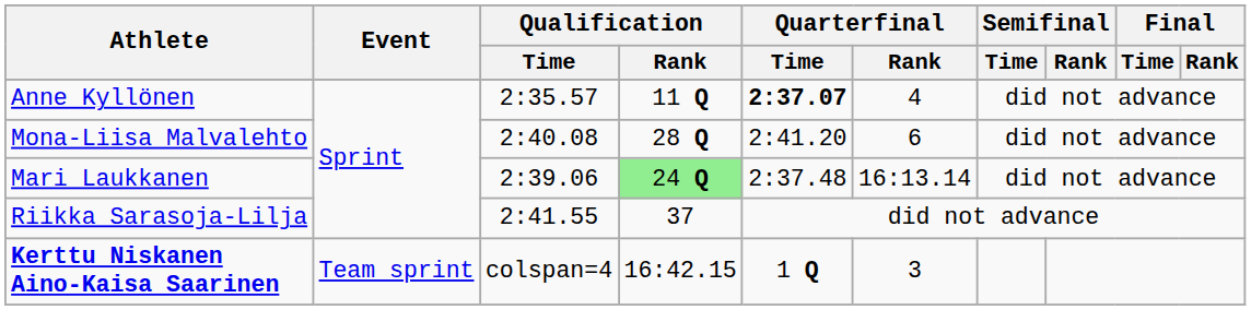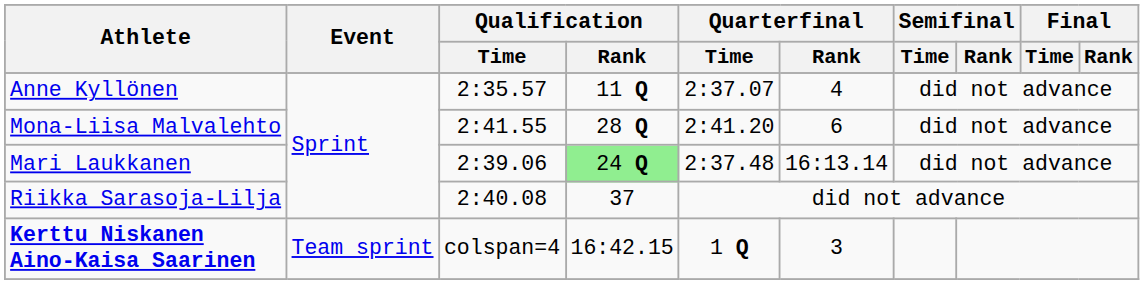 <table class="wikitable" style="font-size:90%">
 <tr>
 <th rowspan="2">Athlete</th>
 <th rowspan="2">Event</th>
 <th colspan="2">Qualification</th>
 <th colspan="2">Quarterfinal</th>
 <th colspan="2">Semifinal</th>
 <th colspan="2">Final</th>
 </tr>
 <tr style="font-size:95%">
 <th>Time</th>
 <th>Rank</th>
 <th>Time</th>
 <th>Rank</th>
 <th>Time</th>
 <th>Rank</th>
 <th>Time</th>
 <th>Rank</th>
 </tr>
 <tr align=center>
 <td align=left><a href='#'>Anne Kyllönen</a></td>
 <td align=left rowspan=4><a href='#'>Sprint</a></td>
 <td>2:35.57</td>
 <td>11 <strong>Q</strong></td>
-<td><strong>2:37.07</strong></td>
+<td>2:37.07</td>
 <td>4</td>
 <td colspan=4>did not advance</td>
 </tr>
 <tr align=center>
 <td align=left><a href='#'>Mona-Liisa Malvalehto</a></td>
-<td>2:40.08</td>
+<td>2:41.55</td>
 <td>28 <strong>Q</strong></td>
 <td>2:41.20</td>
 <td>6</td>
 <td colspan=4>did not advance</td>
 </tr>
 <tr align=center>
 <td align=left><a href='#'>Mari Laukkanen</a></td>
 <td>2:39.06</td>
 <td style="background: lightgreen;">24 <strong>Q</strong></td>
 <td>2:37.48</td>
 <td>16:13.14</td>
 <td colspan=4>did not advance</td>
 </tr>
 <tr align=center>
 <td align=left><a href='#'>Riikka Sarasoja-Lilja</a></td>
-<td>2:41.55</td>
+<td>2:40.08</td>
 <td>37</td>
 <td colspan=6>did not advance</td>
 </tr>
 <tr align=center>
 <td align=left><strong><a href='#'>Kerttu Niskanen</a><br><a href='#'>Aino-Kaisa Saarinen</a></strong></td>
 <td align=left><a href='#'>Team sprint</a></td>
 <td>colspan=4 </td>
 <td>16:42.15</td>
 <td>1 <strong>Q</strong></td>
 <td>3</td>
 <td></td>
 </tr>
 </table>
